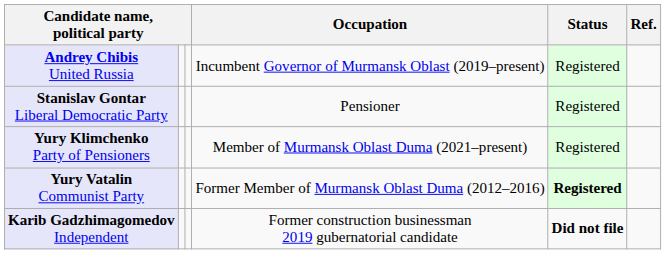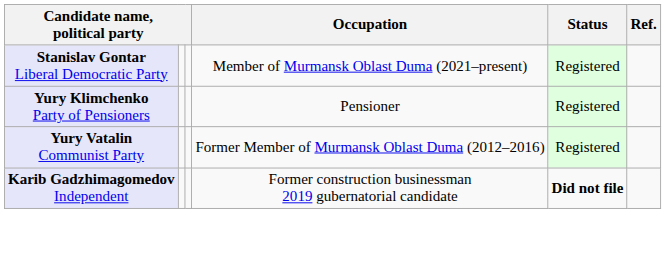 <table class="wikitable" style="text-align:center;">
 <tr>
 <th colspan="3">Candidate name,<br>political party</th>
 <th>Occupation</th>
 <th>Status</th>
 <th>Ref.</th>
 </tr>
 <tr>
-<td style="background:lavender;"><strong><a href='#'>Andrey Chibis</a></strong><br><a href='#'>United Russia</a></td>
-<td style="background-color:"></td>
-<td></td>
-<td>Incumbent <a href='#'>Governor of Murmansk Oblast</a> (2019–present)</td>
-<td bgcolor="#DFFFDF">Registered</td>
-<td><br></td>
-</tr>
-<tr>
 <td style="background:lavender;"><strong>Stanislav Gontar</strong><br><a href='#'>Liberal Democratic Party</a></td>
 <td style="background-color:"></td>
 <td></td>
-<td>Pensioner</td>
+<td>Member of <a href='#'>Murmansk Oblast Duma</a> (2021–present)</td>
 <td bgcolor="#DFFFDF">Registered</td>
 <td></td>
 </tr>
 <tr>
 <td style="background:lavender;"><strong>Yury Klimchenko</strong><br><a href='#'>Party of Pensioners</a></td>
 <td style="background-color:"></td>
 <td></td>
-<td>Member of <a href='#'>Murmansk Oblast Duma</a> (2021–present)</td>
+<td>Pensioner</td>
 <td bgcolor="#DFFFDF">Registered</td>
 <td></td>
 </tr>
 <tr>
 <td style="background:lavender;"><strong>Yury Vatalin</strong><br><a href='#'>Communist Party</a></td>
 <td style="background-color:"></td>
 <td></td>
 <td>Former Member of <a href='#'>Murmansk Oblast Duma</a> (2012–2016)</td>
-<td bgcolor="#DFFFDF"><strong>Registered</strong></td>
+<td bgcolor="#DFFFDF">Registered</td>
 <td></td>
 </tr>
 <tr>
 <td style="background:lavender;"><strong>Karib Gadzhimagomedov</strong><br><a href='#'>Independent</a></td>
 <td style="background-color:"></td>
 <td></td>
 <td>Former construction businessman<br><a href='#'>2019</a> gubernatorial candidate</td>
 <td><strong>Did not file</strong></td>
 <td></td>
 </tr>
 </table>
